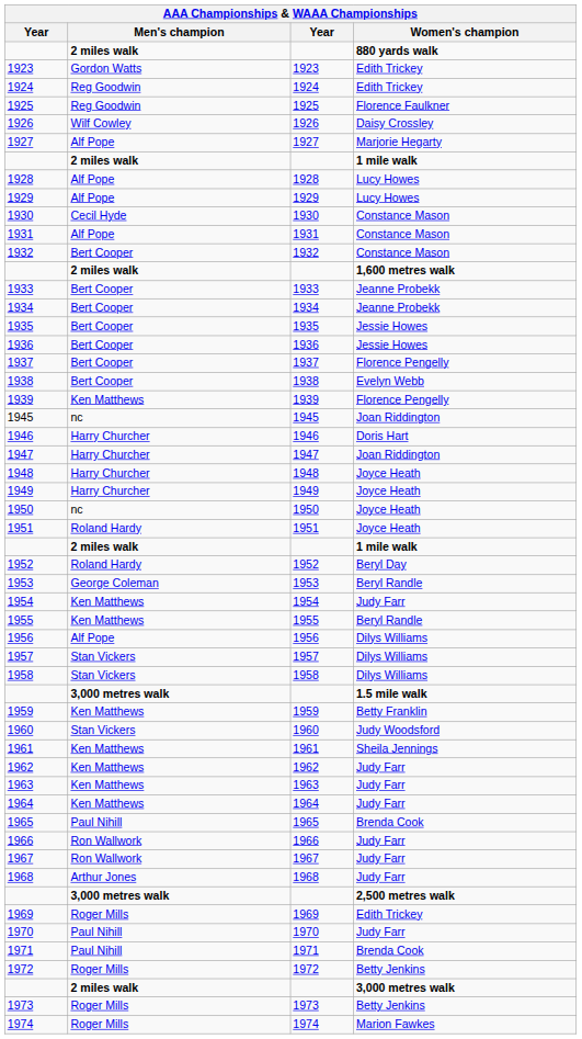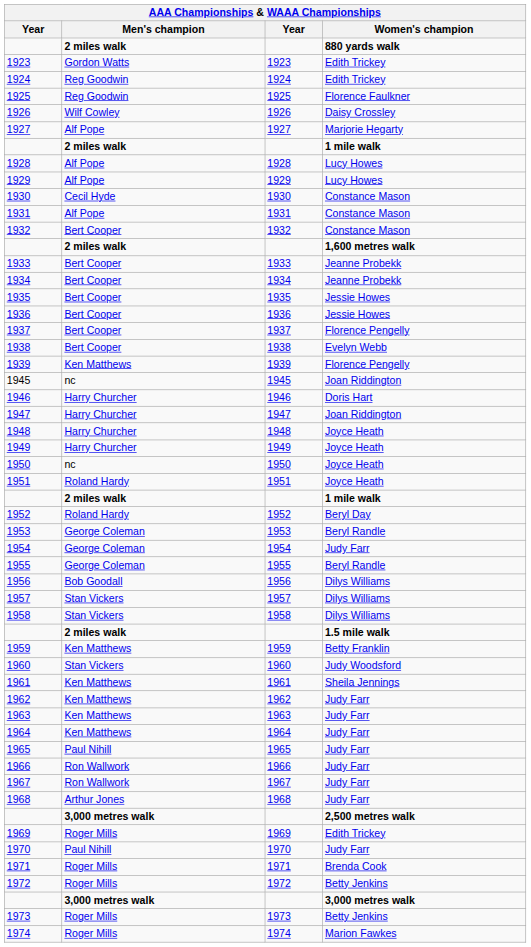 <table class="wikitable">
 <tr>
 <th colspan="4"><a href='#'>AAA Championships</a> & <a href='#'>WAAA Championships</a></th>
 </tr>
 <tr>
 <th width=80>Year</th>
 <th width=300>Men's champion</th>
 <th width=80>Year</th>
 <th width=300>Women's champion</th>
 </tr>
 <tr>
 <td></td>
 <td><strong>2 miles walk</strong></td>
 <td></td>
 <td><strong>880 yards walk</strong></td>
 </tr>
 <tr>
 <td><a href='#'>1923</a></td>
 <td><a href='#'>Gordon Watts</a></td>
 <td><a href='#'>1923</a></td>
 <td><a href='#'>Edith Trickey</a></td>
 </tr>
 <tr>
 <td><a href='#'>1924</a></td>
 <td><a href='#'>Reg Goodwin</a></td>
 <td><a href='#'>1924</a></td>
 <td><a href='#'>Edith Trickey</a></td>
 </tr>
 <tr>
 <td><a href='#'>1925</a></td>
 <td><a href='#'>Reg Goodwin</a></td>
 <td><a href='#'>1925</a></td>
 <td><a href='#'>Florence Faulkner</a></td>
 </tr>
 <tr>
 <td><a href='#'>1926</a></td>
 <td><a href='#'>Wilf Cowley</a></td>
 <td><a href='#'>1926</a></td>
 <td><a href='#'>Daisy Crossley</a></td>
 </tr>
 <tr>
 <td><a href='#'>1927</a></td>
 <td><a href='#'>Alf Pope</a></td>
 <td><a href='#'>1927</a></td>
 <td><a href='#'>Marjorie Hegarty</a></td>
 </tr>
 <tr>
 <td></td>
 <td><strong>2 miles walk</strong></td>
 <td></td>
 <td><strong>1 mile walk</strong></td>
 </tr>
 <tr>
 <td><a href='#'>1928</a></td>
 <td><a href='#'>Alf Pope</a></td>
 <td><a href='#'>1928</a></td>
 <td><a href='#'>Lucy Howes</a></td>
 </tr>
 <tr>
 <td><a href='#'>1929</a></td>
 <td><a href='#'>Alf Pope</a></td>
 <td><a href='#'>1929</a></td>
 <td><a href='#'>Lucy Howes</a></td>
 </tr>
 <tr>
 <td><a href='#'>1930</a></td>
 <td><a href='#'>Cecil Hyde</a></td>
 <td><a href='#'>1930</a></td>
 <td><a href='#'>Constance Mason</a></td>
 </tr>
 <tr>
 <td><a href='#'>1931</a></td>
 <td><a href='#'>Alf Pope</a></td>
 <td><a href='#'>1931</a></td>
 <td><a href='#'>Constance Mason</a></td>
 </tr>
 <tr>
 <td><a href='#'>1932</a></td>
 <td><a href='#'>Bert Cooper</a></td>
 <td><a href='#'>1932</a></td>
 <td><a href='#'>Constance Mason</a></td>
 </tr>
 <tr>
 <td></td>
 <td><strong>2 miles walk</strong></td>
 <td></td>
 <td><strong>1,600 metres walk</strong></td>
 </tr>
 <tr>
 <td><a href='#'>1933</a></td>
 <td><a href='#'>Bert Cooper</a></td>
 <td><a href='#'>1933</a></td>
 <td><a href='#'>Jeanne Probekk</a></td>
 </tr>
 <tr>
 <td><a href='#'>1934</a></td>
 <td><a href='#'>Bert Cooper</a></td>
 <td><a href='#'>1934</a></td>
 <td><a href='#'>Jeanne Probekk</a></td>
 </tr>
 <tr>
 <td><a href='#'>1935</a></td>
 <td><a href='#'>Bert Cooper</a></td>
 <td><a href='#'>1935</a></td>
 <td><a href='#'>Jessie Howes</a></td>
 </tr>
 <tr>
 <td><a href='#'>1936</a></td>
 <td><a href='#'>Bert Cooper</a></td>
 <td><a href='#'>1936</a></td>
 <td><a href='#'>Jessie Howes</a></td>
 </tr>
 <tr>
 <td><a href='#'>1937</a></td>
 <td><a href='#'>Bert Cooper</a></td>
 <td><a href='#'>1937</a></td>
 <td><a href='#'>Florence Pengelly</a></td>
 </tr>
 <tr>
 <td><a href='#'>1938</a></td>
 <td><a href='#'>Bert Cooper</a></td>
 <td><a href='#'>1938</a></td>
 <td><a href='#'>Evelyn Webb</a></td>
 </tr>
 <tr>
 <td><a href='#'>1939</a></td>
 <td><a href='#'>Ken Matthews</a></td>
 <td><a href='#'>1939</a></td>
 <td><a href='#'>Florence Pengelly</a></td>
 </tr>
 <tr>
 <td>1945</td>
 <td>nc</td>
 <td><a href='#'>1945</a></td>
 <td><a href='#'>Joan Riddington</a></td>
 </tr>
 <tr>
 <td><a href='#'>1946</a></td>
 <td><a href='#'>Harry Churcher</a></td>
 <td><a href='#'>1946</a></td>
 <td><a href='#'>Doris Hart</a></td>
 </tr>
 <tr>
 <td><a href='#'>1947</a></td>
 <td><a href='#'>Harry Churcher</a></td>
 <td><a href='#'>1947</a></td>
 <td><a href='#'>Joan Riddington</a></td>
 </tr>
 <tr>
 <td><a href='#'>1948</a></td>
 <td><a href='#'>Harry Churcher</a></td>
 <td><a href='#'>1948</a></td>
 <td><a href='#'>Joyce Heath</a></td>
 </tr>
 <tr>
 <td><a href='#'>1949</a></td>
 <td><a href='#'>Harry Churcher</a></td>
 <td><a href='#'>1949</a></td>
 <td><a href='#'>Joyce Heath</a></td>
 </tr>
 <tr>
 <td><a href='#'>1950</a></td>
 <td>nc</td>
 <td><a href='#'>1950</a></td>
 <td><a href='#'>Joyce Heath</a></td>
 </tr>
 <tr>
 <td><a href='#'>1951</a></td>
 <td><a href='#'>Roland Hardy</a></td>
 <td><a href='#'>1951</a></td>
 <td><a href='#'>Joyce Heath</a></td>
 </tr>
 <tr>
 <td></td>
 <td><strong>2 miles walk</strong></td>
 <td></td>
 <td><strong>1 mile walk</strong></td>
 </tr>
 <tr>
 <td><a href='#'>1952</a></td>
 <td><a href='#'>Roland Hardy</a></td>
 <td><a href='#'>1952</a></td>
 <td><a href='#'>Beryl Day</a></td>
 </tr>
 <tr>
 <td><a href='#'>1953</a></td>
 <td><a href='#'>George Coleman</a></td>
 <td><a href='#'>1953</a></td>
 <td><a href='#'>Beryl Randle</a></td>
 </tr>
 <tr>
 <td><a href='#'>1954</a></td>
-<td><a href='#'>Ken Matthews</a></td>
+<td><a href='#'>George Coleman</a></td>
 <td><a href='#'>1954</a></td>
 <td><a href='#'>Judy Farr</a></td>
 </tr>
 <tr>
 <td><a href='#'>1955</a></td>
-<td><a href='#'>Ken Matthews</a></td>
+<td><a href='#'>George Coleman</a></td>
 <td><a href='#'>1955</a></td>
 <td><a href='#'>Beryl Randle</a></td>
 </tr>
 <tr>
 <td><a href='#'>1956</a></td>
-<td><a href='#'>Alf Pope</a></td>
+<td><a href='#'>Bob Goodall</a></td>
 <td><a href='#'>1956</a></td>
 <td><a href='#'>Dilys Williams</a></td>
 </tr>
 <tr>
 <td><a href='#'>1957</a></td>
 <td><a href='#'>Stan Vickers</a></td>
 <td><a href='#'>1957</a></td>
 <td><a href='#'>Dilys Williams</a></td>
 </tr>
 <tr>
 <td><a href='#'>1958</a></td>
 <td><a href='#'>Stan Vickers</a></td>
 <td><a href='#'>1958</a></td>
 <td><a href='#'>Dilys Williams</a></td>
 </tr>
 <tr>
 <td></td>
-<td><strong>3,000 metres walk</strong></td>
+<td><strong>2 miles walk</strong></td>
 <td></td>
 <td><strong>1.5 mile walk</strong></td>
 </tr>
 <tr>
 <td><a href='#'>1959</a></td>
 <td><a href='#'>Ken Matthews</a></td>
 <td><a href='#'>1959</a></td>
 <td><a href='#'>Betty Franklin</a></td>
 </tr>
 <tr>
 <td><a href='#'>1960</a></td>
 <td><a href='#'>Stan Vickers</a></td>
 <td><a href='#'>1960</a></td>
 <td><a href='#'>Judy Woodsford</a></td>
 </tr>
 <tr>
 <td><a href='#'>1961</a></td>
 <td><a href='#'>Ken Matthews</a></td>
 <td><a href='#'>1961</a></td>
 <td><a href='#'>Sheila Jennings</a></td>
 </tr>
 <tr>
 <td><a href='#'>1962</a></td>
 <td><a href='#'>Ken Matthews</a></td>
 <td><a href='#'>1962</a></td>
 <td><a href='#'>Judy Farr</a></td>
 </tr>
 <tr>
 <td><a href='#'>1963</a></td>
 <td><a href='#'>Ken Matthews</a></td>
 <td><a href='#'>1963</a></td>
 <td><a href='#'>Judy Farr</a></td>
 </tr>
 <tr>
 <td><a href='#'>1964</a></td>
 <td><a href='#'>Ken Matthews</a></td>
 <td><a href='#'>1964</a></td>
 <td><a href='#'>Judy Farr</a></td>
 </tr>
 <tr>
 <td><a href='#'>1965</a></td>
 <td><a href='#'>Paul Nihill</a></td>
 <td><a href='#'>1965</a></td>
-<td><a href='#'>Brenda Cook</a></td>
+<td><a href='#'>Judy Farr</a></td>
 </tr>
 <tr>
 <td><a href='#'>1966</a></td>
 <td><a href='#'>Ron Wallwork</a></td>
 <td><a href='#'>1966</a></td>
 <td><a href='#'>Judy Farr</a></td>
 </tr>
 <tr>
 <td><a href='#'>1967</a></td>
 <td><a href='#'>Ron Wallwork</a></td>
 <td><a href='#'>1967</a></td>
 <td><a href='#'>Judy Farr</a></td>
 </tr>
 <tr>
 <td><a href='#'>1968</a></td>
 <td><a href='#'>Arthur Jones</a></td>
 <td><a href='#'>1968</a></td>
 <td><a href='#'>Judy Farr</a></td>
 </tr>
 <tr>
 <td></td>
 <td><strong>3,000 metres walk</strong></td>
 <td></td>
 <td><strong>2,500 metres walk</strong></td>
 </tr>
 <tr>
 <td><a href='#'>1969</a></td>
 <td><a href='#'>Roger Mills</a></td>
 <td><a href='#'>1969</a></td>
 <td><a href='#'>Edith Trickey</a></td>
 </tr>
 <tr>
 <td><a href='#'>1970</a></td>
 <td><a href='#'>Paul Nihill</a></td>
 <td><a href='#'>1970</a></td>
 <td><a href='#'>Judy Farr</a></td>
 </tr>
 <tr>
 <td><a href='#'>1971</a></td>
-<td><a href='#'>Paul Nihill</a></td>
+<td><a href='#'>Roger Mills</a></td>
 <td><a href='#'>1971</a></td>
 <td><a href='#'>Brenda Cook</a></td>
 </tr>
 <tr>
 <td><a href='#'>1972</a></td>
 <td><a href='#'>Roger Mills</a></td>
 <td><a href='#'>1972</a></td>
 <td><a href='#'>Betty Jenkins</a></td>
 </tr>
 <tr>
 <td></td>
-<td><strong>2 miles walk</strong></td>
+<td><strong>3,000 metres walk</strong></td>
 <td></td>
 <td><strong>3,000 metres walk</strong></td>
 </tr>
 <tr>
 <td><a href='#'>1973</a></td>
 <td><a href='#'>Roger Mills</a></td>
 <td><a href='#'>1973</a></td>
 <td><a href='#'>Betty Jenkins</a></td>
 </tr>
 <tr>
 <td><a href='#'>1974</a></td>
 <td><a href='#'>Roger Mills</a></td>
 <td><a href='#'>1974</a></td>
 <td><a href='#'>Marion Fawkes</a></td>
 </tr>
 </table>
